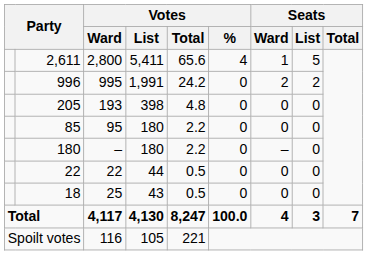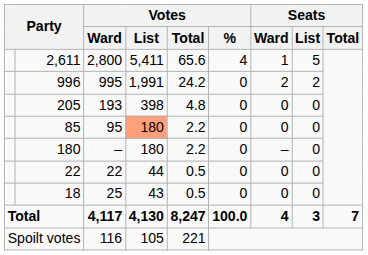 <table class=wikitable style="text-align:right">
 <tr>
 <th rowspan="2" colspan="2">Party</th>
 <th colspan="4" align="center">Votes</th>
 <th colspan="3" align="center">Seats</th>
 </tr>
 <tr>
 <th>Ward</th>
 <th>List</th>
 <th>Total</th>
 <th>%</th>
 <th>Ward</th>
 <th>List</th>
 <th>Total</th>
 </tr>
 <tr>
 <td></td>
 <td>2,611</td>
 <td>2,800</td>
 <td>5,411</td>
 <td>65.6</td>
 <td>4</td>
 <td>1</td>
 <td>5</td>
 </tr>
 <tr>
 <td></td>
 <td>996</td>
 <td>995</td>
 <td>1,991</td>
 <td>24.2</td>
 <td>0</td>
 <td>2</td>
 <td>2</td>
 </tr>
 <tr>
 <td></td>
 <td>205</td>
 <td>193</td>
 <td>398</td>
 <td>4.8</td>
 <td>0</td>
 <td>0</td>
 <td>0</td>
 </tr>
 <tr>
 <td></td>
 <td>85</td>
 <td>95</td>
-<td>180</td>
+<td style="background: lightsalmon;">180</td>
 <td>2.2</td>
 <td>0</td>
 <td>0</td>
 <td>0</td>
 </tr>
 <tr>
 <td></td>
 <td>180</td>
 <td>–</td>
 <td>180</td>
 <td>2.2</td>
 <td>0</td>
 <td>–</td>
 <td>0</td>
 </tr>
 <tr>
 <td></td>
 <td>22</td>
 <td>22</td>
 <td>44</td>
 <td>0.5</td>
 <td>0</td>
 <td>0</td>
 <td>0</td>
 </tr>
 <tr>
 <td></td>
 <td>18</td>
 <td>25</td>
 <td>43</td>
 <td>0.5</td>
 <td>0</td>
 <td>0</td>
 <td>0</td>
 </tr>
 <tr>
 <td colspan="2" style="text-align:left"><strong>Total</strong></td>
 <td><strong>4,117</strong></td>
 <td><strong>4,130</strong></td>
 <td><strong>8,247</strong></td>
 <td><strong>100.0</strong></td>
 <td><strong>4</strong></td>
 <td><strong>3</strong></td>
 <td><strong>7</strong></td>
 </tr>
 <tr>
 <td colspan="2" style="text-align:left">Spoilt votes</td>
 <td>116</td>
 <td>105</td>
 <td>221</td>
 </tr>
 </table>
